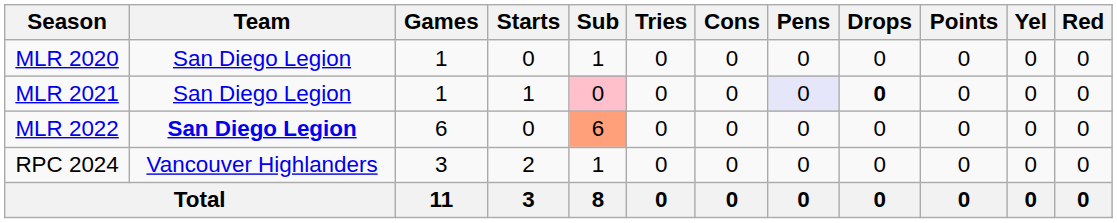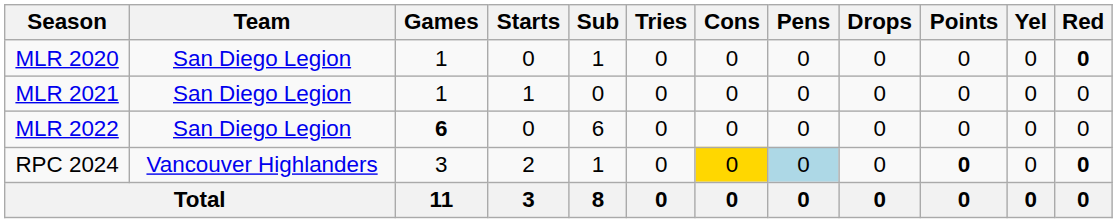 <table class="wikitable" style="text-align:center;width:50%">
 <tr>
 <th>Season</th>
 <th>Team</th>
 <th>Games</th>
 <th>Starts</th>
 <th>Sub</th>
 <th>Tries</th>
 <th>Cons</th>
 <th>Pens</th>
 <th>Drops</th>
 <th>Points</th>
 <th>Yel</th>
 <th>Red</th>
 </tr>
 <tr>
 <td><a href='#'>MLR 2020</a></td>
 <td><a href='#'>San Diego Legion</a></td>
 <td>1</td>
 <td>0</td>
 <td>1</td>
 <td>0</td>
 <td>0</td>
 <td>0</td>
 <td>0</td>
 <td>0</td>
 <td>0</td>
-<td>0</td>
+<td><strong>0</strong></td>
 </tr>
 <tr>
 <td><a href='#'>MLR 2021</a></td>
 <td><a href='#'>San Diego Legion</a></td>
 <td>1</td>
 <td>1</td>
-<td style="background: pink;">0</td>
 <td>0</td>
 <td>0</td>
-<td style="background: lavender;">0</td>
-<td><strong>0</strong></td>
+<td>0</td>
+<td>0</td>
+<td>0</td>
 <td>0</td>
 <td>0</td>
 <td>0</td>
 </tr>
 <tr>
 <td><a href='#'>MLR 2022</a></td>
-<td><strong><a href='#'>San Diego Legion</a></strong></td>
+<td><a href='#'>San Diego Legion</a></td>
+<td><strong>6</strong></td>
+<td>0</td>
 <td>6</td>
-<td>0</td>
-<td style="background: lightsalmon;">6</td>
 <td>0</td>
 <td>0</td>
 <td>0</td>
 <td>0</td>
 <td>0</td>
 <td>0</td>
 <td>0</td>
 </tr>
 <tr>
 <td>RPC 2024</td>
 <td><a href='#'>Vancouver Highlanders</a></td>
 <td>3</td>
 <td>2</td>
 <td>1</td>
 <td>0</td>
+<td style="background: gold;">0</td>
+<td style="background: lightblue;">0</td>
 <td>0</td>
+<td><strong>0</strong></td>
 <td>0</td>
-<td>0</td>
-<td>0</td>
-<td>0</td>
-<td>0</td>
+<td><strong>0</strong></td>
 </tr>
 <tr>
 <th colspan="2">Total</th>
 <th>11</th>
 <th>3</th>
 <th>8</th>
 <th>0</th>
 <th>0</th>
 <th>0</th>
 <th>0</th>
 <th>0</th>
 <th>0</th>
 <th>0</th>
 </tr>
 </table>
